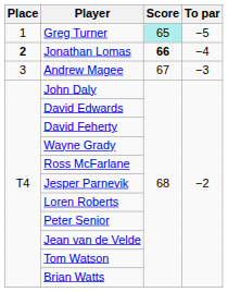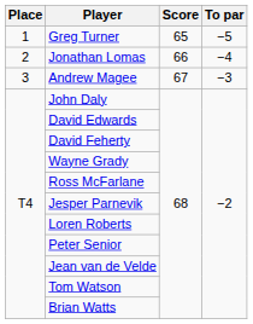 <table class="wikitable">
 <tr>
 <th>Place</th>
 <th>Player</th>
 <th>Score</th>
 <th>To par</th>
 </tr>
 <tr>
 <td align=center>1</td>
 <td> <a href='#'>Greg Turner</a></td>
-<td align=center style="background: paleturquoise;">65</td>
+<td align=center>65</td>
 <td align=center>−5</td>
 </tr>
 <tr>
-<td align=center><strong>2</strong></td>
+<td align=center>2</td>
 <td> <a href='#'>Jonathan Lomas</a></td>
-<td align=center><strong>66</strong></td>
+<td align=center>66</td>
 <td align=center>−4</td>
 </tr>
 <tr>
 <td align=center>3</td>
 <td> <a href='#'>Andrew Magee</a></td>
 <td align=center>67</td>
 <td align=center>−3</td>
 </tr>
 <tr>
 <td rowspan="11" align=center>T4</td>
 <td> <a href='#'>John Daly</a></td>
 <td rowspan="11" align=center>68</td>
 <td rowspan="11" align=center>−2</td>
 </tr>
 <tr>
 <td> <a href='#'>David Edwards</a></td>
 </tr>
 <tr>
 <td> <a href='#'>David Feherty</a></td>
 </tr>
 <tr>
 <td> <a href='#'>Wayne Grady</a></td>
 </tr>
 <tr>
 <td> <a href='#'>Ross McFarlane</a></td>
 </tr>
 <tr>
 <td> <a href='#'>Jesper Parnevik</a></td>
 </tr>
 <tr>
 <td> <a href='#'>Loren Roberts</a></td>
 </tr>
 <tr>
 <td> <a href='#'>Peter Senior</a></td>
 </tr>
 <tr>
 <td> <a href='#'>Jean van de Velde</a></td>
 </tr>
 <tr>
 <td> <a href='#'>Tom Watson</a></td>
 </tr>
 <tr>
 <td> <a href='#'>Brian Watts</a></td>
 </tr>
 </table>
